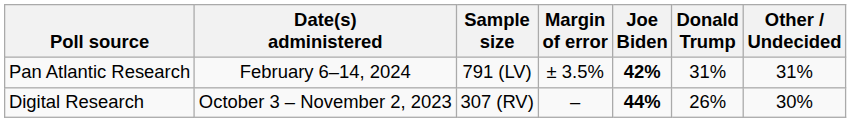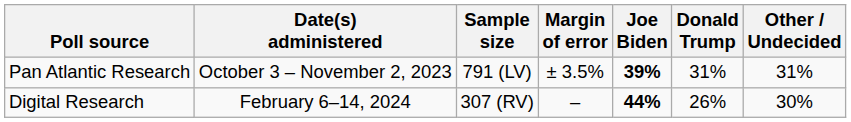 <table class="wikitable sortable mw-datatable" style="font-size:90%;text-align:center;line-height:17px">
 <tr style="vertical-align:bottom">
 <th>Poll source</th>
 <th>Date(s)<br>administered</th>
 <th>Sample<br>size</th>
 <th>Margin<br>of error</th>
 <th class="unsortable">Joe<br>Biden<br></th>
 <th class="unsortable">Donald<br>Trump<br></th>
 <th class="unsortable">Other /<br>Undecided</th>
 </tr>
 <tr>
 <td style="text-align:left;">Pan Atlantic Research</td>
-<td>February 6–14, 2024</td>
+<td data-sort-value=2024-01-11>October 3 – November 2, 2023</td>
 <td>791 (LV)</td>
 <td>± 3.5%</td>
-<td style="color:black;background-color:"><strong>42%</strong></td>
+<td style="color:black;background-color:"><strong>39%</strong></td>
 <td>31%</td>
 <td>31%</td>
 </tr>
 <tr>
 <td style="text-align:left;">Digital Research</td>
-<td data-sort-value=2024-01-11>October 3 – November 2, 2023</td>
+<td>February 6–14, 2024</td>
 <td>307 (RV)</td>
 <td>–</td>
 <td style="color:black;background-color:"><strong>44%</strong></td>
 <td>26%</td>
 <td>30%</td>
 </tr>
 </table>
